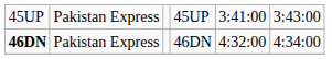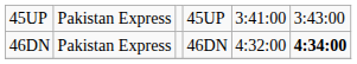 <table class="wikitable">
 <tr>
 <td>45UP</td>
 <td>Pakistan Express</td>
 <td></td>
 <td>45UP</td>
 <td>3:41:00</td>
 <td>3:43:00</td>
 </tr>
 <tr>
-<td><strong>46DN</strong></td>
+<td>46DN</td>
 <td>Pakistan Express</td>
 <td></td>
 <td>46DN</td>
 <td>4:32:00</td>
-<td>4:34:00</td>
+<td><strong>4:34:00</strong></td>
 </tr>
 <tr>
 </tr>
 <tr>
 </tr>
 </table>
